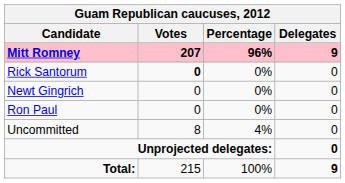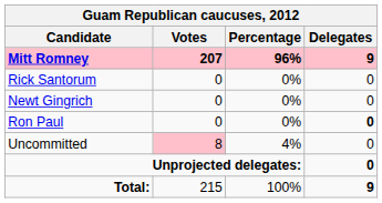 <table class="wikitable" style="font-size:95%;">
 <tr>
 <th colspan="4">Guam Republican caucuses, 2012</th>
 </tr>
 <tr>
 <th rowspan="1" width="160px">Candidate</th>
 <th rowspan="1" width="75px">Votes</th>
 <th rowspan="1" width="75px">Percentage</th>
 <th rowspan="1" width="75px">Delegates</th>
 </tr>
 <tr align="right" bgcolor="pink">
 <td align="left">  <strong><a href='#'>Mitt Romney</a></strong></td>
 <td><strong>207</strong></td>
 <td><strong>96%</strong></td>
 <td><strong>9</strong></td>
 </tr>
 <tr align="right">
 <td align="left"><a href='#'>Rick Santorum</a></td>
-<td><strong>0</strong></td>
+<td>0</td>
 <td>0%</td>
 <td>0</td>
 </tr>
 <tr align="right">
 <td align="left"><a href='#'>Newt Gingrich</a></td>
 <td>0</td>
 <td>0%</td>
 <td>0</td>
 </tr>
 <tr align="right">
 <td align="left"><a href='#'>Ron Paul</a></td>
 <td>0</td>
 <td>0%</td>
-<td>0</td>
+<td><strong>0</strong></td>
 </tr>
 <tr align="right">
 <td align="left">Uncommitted</td>
-<td>8</td>
+<td style="background: pink;">8</td>
 <td>4%</td>
 <td>0</td>
 </tr>
 <tr align="right">
 <td colspan="3"><strong>Unprojected delegates:</strong></td>
 <td><strong>0</strong></td>
 </tr>
 <tr align="right">
 <td><strong>Total:</strong></td>
 <td>215</td>
 <td>100%</td>
 <td><strong>9</strong></td>
 </tr>
 </table>
